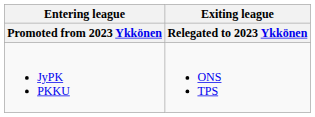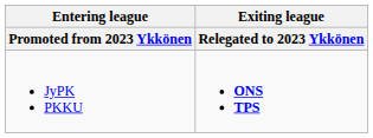 <table class="wikitable">
 <tr>
 <th>Entering league</th>
 <th>Exiting league</th>
 </tr>
 <tr>
 <th>Promoted from 2023 <a href='#'>Ykkönen</a></th>
 <th>Relegated to 2023 <a href='#'>Ykkönen</a></th>
 </tr>
 <tr style="vertical-align:top;">
 <td><br><ul><li><a href='#'>JyPK</a></li><li><a href='#'>PKKU</a></li></ul></td>
-<td><br><ul><li><a href='#'>ONS</a></li><li><a href='#'>TPS</a></li></ul></td>
+<td><strong><br><ul><li><a href='#'>ONS</a></li><li><a href='#'>TPS</a></li></ul></strong></td>
 </tr>
 </table>
